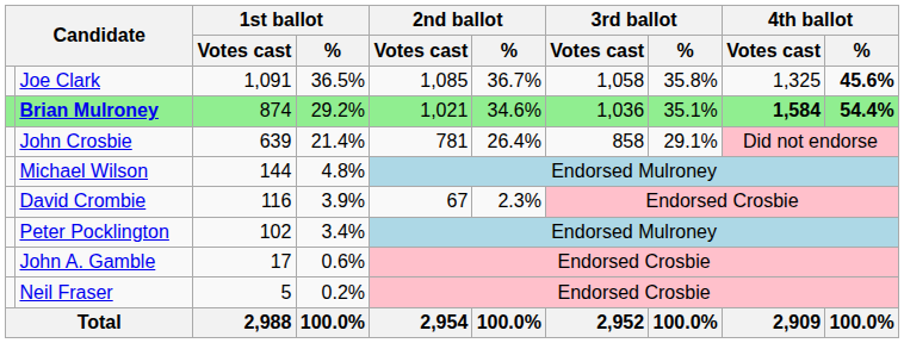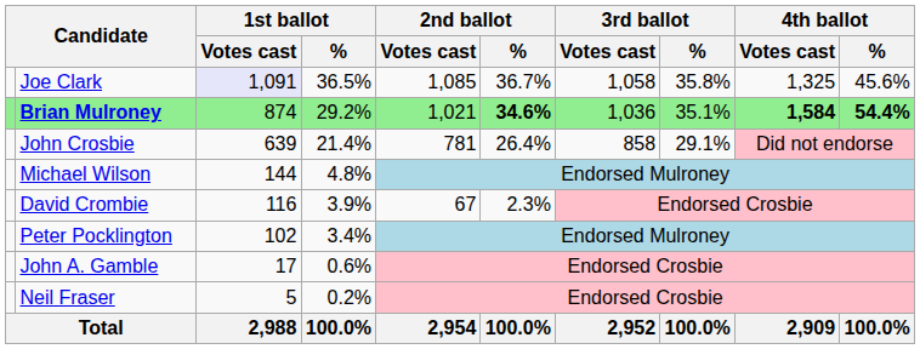 <table class="wikitable">
 <tr>
 <th colspan="2" rowspan="2" style="width:150px;">Candidate</th>
 <th colspan="2">1st ballot</th>
 <th colspan="2">2nd ballot</th>
 <th colspan="2">3rd ballot</th>
 <th colspan="2">4th ballot</th>
 </tr>
 <tr>
 <th>Votes cast</th>
 <th>%</th>
 <th>Votes cast</th>
 <th>%</th>
 <th>Votes cast</th>
 <th>%</th>
 <th>Votes cast</th>
 <th>%</th>
 </tr>
 <tr>
 <td></td>
 <td><a href='#'>Joe Clark</a></td>
-<td style="text-align:right;">1,091</td>
+<td style="background: lavender; text-align:right;">1,091</td>
 <td style="text-align:right;">36.5%</td>
 <td style="text-align:right;">1,085</td>
 <td style="text-align:right;">36.7%</td>
 <td style="text-align:right;">1,058</td>
 <td style="text-align:right;">35.8%</td>
 <td style="text-align:right;">1,325</td>
-<td style="text-align:right;"><strong>45.6%</strong></td>
+<td style="text-align:right;">45.6%</td>
 </tr>
 <tr style="background:lightgreen;">
 <td></td>
 <td><strong><a href='#'>Brian Mulroney</a></strong></td>
 <td style="text-align:right;">874</td>
 <td style="text-align:right;">29.2%</td>
 <td style="text-align:right;">1,021</td>
-<td style="text-align:right;">34.6%</td>
+<td style="text-align:right;"><strong>34.6%</strong></td>
 <td style="text-align:right;">1,036</td>
 <td style="text-align:right;">35.1%</td>
 <td style="text-align:right;"><strong>1,584</strong></td>
 <td style="text-align:right;"><strong>54.4%</strong></td>
 </tr>
 <tr>
 <td></td>
 <td><a href='#'>John Crosbie</a></td>
 <td style="text-align:right;">639</td>
 <td style="text-align:right;">21.4%</td>
 <td style="text-align:right;">781</td>
 <td style="text-align:right;">26.4%</td>
 <td style="text-align:right;">858</td>
 <td style="text-align:right;">29.1%</td>
 <td style="text-align:center; background:pink;" colspan="2">Did not endorse</td>
 </tr>
 <tr>
 <td></td>
 <td><a href='#'>Michael Wilson</a></td>
 <td style="text-align:right;">144</td>
 <td style="text-align:right;">4.8%</td>
 <td style="text-align:center; background:lightblue;" colspan="6">Endorsed Mulroney</td>
 </tr>
 <tr>
 <td></td>
 <td><a href='#'>David Crombie</a></td>
 <td style="text-align:right;">116</td>
 <td style="text-align:right;">3.9%</td>
 <td style="text-align:right;">67</td>
 <td style="text-align:right;">2.3%</td>
 <td style="text-align:center; background:pink;" colspan="4">Endorsed Crosbie</td>
 </tr>
 <tr>
 <td></td>
 <td><a href='#'>Peter Pocklington</a></td>
 <td style="text-align:right;">102</td>
 <td style="text-align:right;">3.4%</td>
 <td style="text-align:center; background:lightblue;" colspan="6">Endorsed Mulroney</td>
 </tr>
 <tr>
 <td></td>
 <td><a href='#'>John A. Gamble</a></td>
 <td align="right">17</td>
 <td style="text-align:right;">0.6%</td>
 <td style="text-align:center; background:pink;" colspan="6">Endorsed Crosbie</td>
 </tr>
 <tr>
 <td></td>
 <td><a href='#'>Neil Fraser</a></td>
 <td style="text-align:right;">5</td>
 <td style="text-align:right;">0.2%</td>
 <td style="text-align:center; background:pink;" colspan="6">Endorsed Crosbie</td>
 </tr>
 <tr>
 <th colspan="2">Total</th>
 <th style="text-align:right;">2,988</th>
 <th style="text-align:right;">100.0%</th>
 <th style="text-align:right;">2,954</th>
 <th style="text-align:right;">100.0%</th>
 <th style="text-align:right;">2,952</th>
 <th style="text-align:right;">100.0%</th>
 <th style="text-align:right;">2,909</th>
 <th style="text-align:right;">100.0%</th>
 </tr>
 </table>
